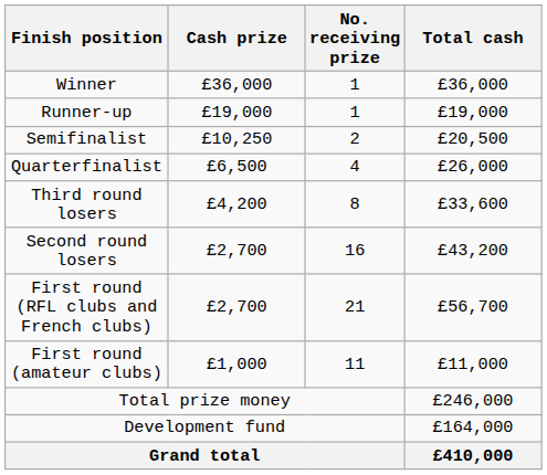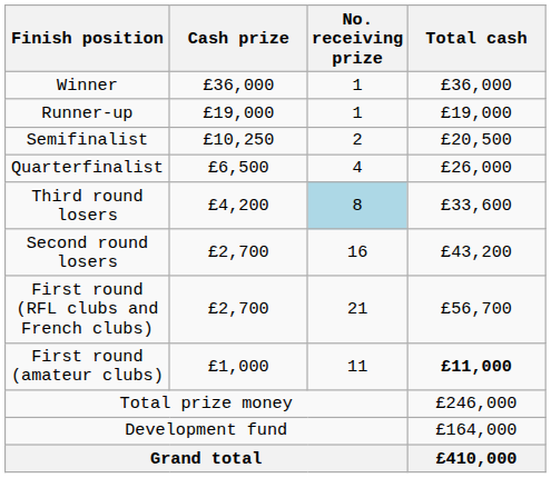 <table class="wikitable" style="text-align:center;">
 <tr>
 <th width=120 abbr="Finish Position">Finish position</th>
 <th width=100 abbr="Cash Prize">Cash prize</th>
 <th width=50 abbr="No. receiving prize">No. receiving prize</th>
 <th width=100 abbr="Total Cash">Total cash</th>
 </tr>
 <tr>
 <td>Winner</td>
 <td>£36,000</td>
 <td>1</td>
 <td>£36,000</td>
 </tr>
 <tr>
 <td>Runner-up</td>
 <td>£19,000</td>
 <td>1</td>
 <td>£19,000</td>
 </tr>
 <tr>
 <td>Semifinalist</td>
 <td>£10,250</td>
 <td>2</td>
 <td>£20,500</td>
 </tr>
 <tr>
 <td>Quarterfinalist</td>
 <td>£6,500</td>
 <td>4</td>
 <td>£26,000</td>
 </tr>
 <tr>
 <td>Third round losers</td>
 <td>£4,200</td>
-<td>8</td>
+<td style="background: lightblue;">8</td>
 <td>£33,600</td>
 </tr>
 <tr>
 <td>Second round losers</td>
 <td>£2,700</td>
 <td>16</td>
 <td>£43,200</td>
 </tr>
 <tr>
 <td>First round (RFL clubs and French clubs)</td>
 <td>£2,700</td>
 <td>21</td>
 <td>£56,700</td>
 </tr>
 <tr>
 <td>First round (amateur clubs)</td>
 <td>£1,000</td>
 <td>11</td>
-<td>£11,000</td>
+<td><strong>£11,000</strong></td>
 </tr>
 <tr>
 <td colspan="3">Total prize money</td>
 <td>£246,000</td>
 </tr>
 <tr>
 <td colspan="3">Development fund</td>
 <td>£164,000</td>
 </tr>
 <tr>
 <th colspan="3">Grand total</th>
 <th>£410,000</th>
 </tr>
 </table>
